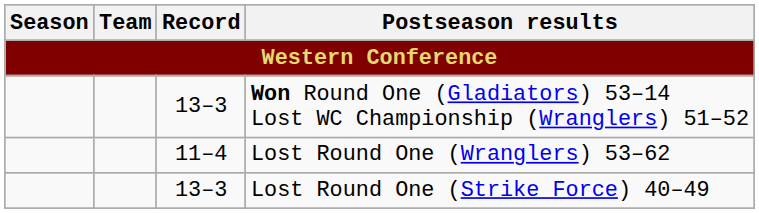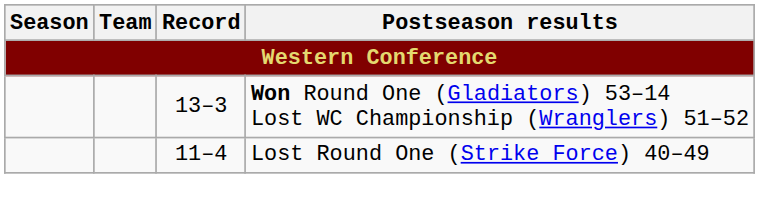 <table class="wikitable">
 <tr>
 <th>Season</th>
 <th>Team</th>
 <th>Record</th>
 <th>Postseason results</th>
 </tr>
 <tr>
 <th colspan="4" style="color:#E4D96F; background-color:#800000">Western Conference</th>
 </tr>
 <tr>
 <td align="center"></td>
 <td><strong><a href='#'></a></strong></td>
 <td align="center">13–3</td>
 <td><strong>Won</strong> Round One (<a href='#'>Gladiators</a>) 53–14<br>Lost WC Championship (<a href='#'>Wranglers</a>) 51–52</td>
 </tr>
 <tr>
 <td align="center"></td>
 <td><strong><a href='#'></a></strong></td>
 <td align="center">11–4</td>
-<td>Lost Round One (<a href='#'>Wranglers</a>) 53–62</td>
-</tr>
-<tr>
-<td align="center"></td>
-<td><strong><a href='#'></a></strong></td>
-<td align="center">13–3</td>
 <td>Lost Round One (<a href='#'>Strike Force</a>) 40–49</td>
 </tr>
 </table>
